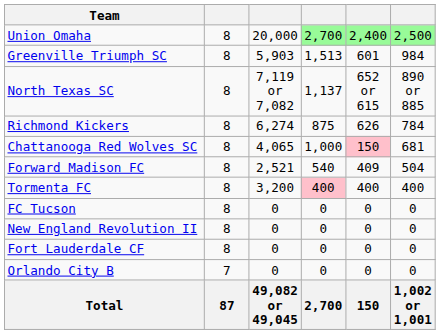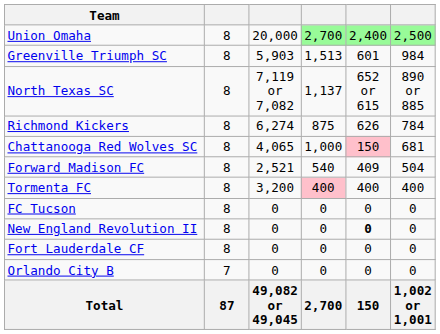 <table class="wikitable sortable">
 <tr>
 <th width=200>Team</th>
 <th width=40></th>
 <th width=40></th>
 <th width=40></th>
 <th width=40></th>
 <th width=40></th>
 </tr>
 <tr align=center>
 <td align=left><a href='#'>Union Omaha</a></td>
 <td>8</td>
 <td>20,000</td>
 <td bgcolor="#98fb98">2,700</td>
 <td bgcolor="#98fb98">2,400</td>
 <td bgcolor="#98fb98">2,500</td>
 </tr>
 <tr align=center>
 <td align=left><a href='#'>Greenville Triumph SC</a></td>
 <td>8</td>
 <td>5,903</td>
 <td>1,513</td>
 <td>601</td>
 <td>984</td>
 </tr>
 <tr align=center>
 <td align=left><a href='#'>North Texas SC</a></td>
 <td>8</td>
 <td>7,119 or 7,082</td>
 <td>1,137</td>
 <td>652 or 615</td>
 <td>890 or 885</td>
 </tr>
 <tr align=center>
 <td align=left><a href='#'>Richmond Kickers</a></td>
 <td>8</td>
 <td>6,274</td>
 <td>875</td>
 <td>626</td>
 <td>784</td>
 </tr>
 <tr align=center>
 <td align=left><a href='#'>Chattanooga Red Wolves SC</a></td>
 <td>8</td>
 <td>4,065</td>
 <td>1,000</td>
 <td bgcolor="#ffc0cb">150</td>
 <td>681</td>
 </tr>
 <tr align=center>
 <td align=left><a href='#'>Forward Madison FC</a></td>
 <td>8</td>
 <td>2,521</td>
 <td>540</td>
 <td>409</td>
 <td>504</td>
 </tr>
 <tr align=center>
 <td align=left><a href='#'>Tormenta FC</a></td>
 <td>8</td>
 <td>3,200</td>
 <td bgcolor="#ffc0cb">400</td>
 <td>400</td>
 <td>400</td>
 </tr>
 <tr align=center>
 <td align=left><a href='#'>FC Tucson</a></td>
 <td>8</td>
 <td>0</td>
 <td>0</td>
 <td>0</td>
 <td>0</td>
 </tr>
 <tr align=center>
 <td align=left><a href='#'>New England Revolution II</a></td>
 <td>8</td>
 <td>0</td>
 <td>0</td>
-<td>0</td>
+<td><strong>0</strong></td>
 <td>0</td>
 </tr>
 <tr align=center>
 <td align=left><a href='#'>Fort Lauderdale CF</a></td>
 <td>8</td>
 <td>0</td>
 <td>0</td>
 <td>0</td>
 <td>0</td>
 </tr>
 <tr align=center>
 <td align=left><a href='#'>Orlando City B</a></td>
 <td>7</td>
 <td>0</td>
 <td>0</td>
 <td>0</td>
 <td>0</td>
 </tr>
 <tr align=center>
 <th align=left>Total</th>
 <th>87</th>
 <th>49,082 or 49,045</th>
 <th>2,700</th>
 <th>150</th>
 <th>1,002 or 1,001</th>
 </tr>
 </table>
